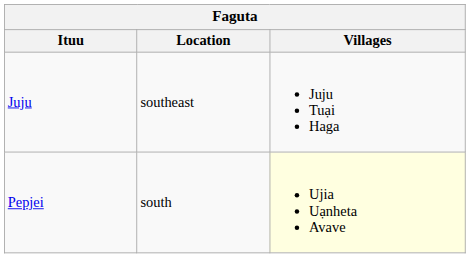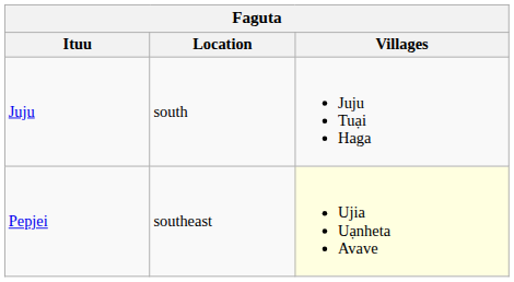 <table class="wikitable">
 <tr>
 <th colspan=5 style="font-size:105%;">Faguta</th>
 </tr>
 <tr>
 <th style="width:140px;">Ituu</th>
 <th style="width:140px;">Location</th>
 <th style="width:210px;">Villages</th>
 </tr>
 <tr>
 <td><a href='#'>Juju</a></td>
-<td>southeast</td>
+<td>south</td>
 <td><br><ul><li>Juju</li><li>Tuại</li><li>Haga</li></ul></td>
 </tr>
 <tr>
 <td><a href='#'>Pepjei</a></td>
-<td>south</td>
+<td>southeast</td>
 <td style="background: lightyellow;"><br><ul><li>Ujia</li><li>Uạnheta</li><li>Avave</li></ul></td>
 </tr>
 </table>
